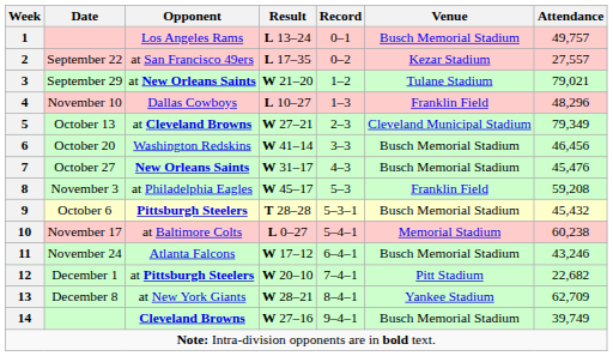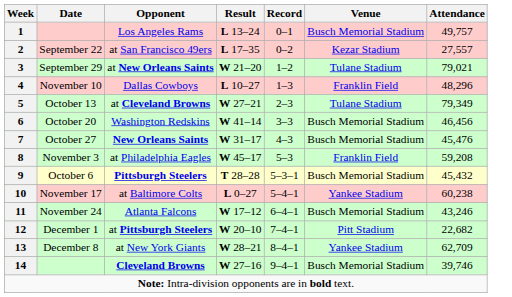 <table class="wikitable" style="text-align:center">
 <tr>
 <th>Week</th>
 <th>Date</th>
 <th>Opponent</th>
 <th>Result</th>
 <th>Record</th>
 <th>Venue</th>
 <th>Attendance</th>
 </tr>
 <tr style="background:#fcc">
 <th>1</th>
 <td></td>
 <td><a href='#'>Los Angeles Rams</a></td>
 <td><strong>L</strong> 13–24</td>
 <td>0–1</td>
 <td><a href='#'>Busch Memorial Stadium</a></td>
 <td>49,757</td>
 </tr>
 <tr style="background:#fcc">
 <th>2</th>
 <td>September 22</td>
 <td>at <a href='#'>San Francisco 49ers</a></td>
 <td><strong>L</strong> 17–35</td>
 <td>0–2</td>
 <td><a href='#'>Kezar Stadium</a></td>
 <td>27,557</td>
 </tr>
 <tr style="background:#cfc">
 <th>3</th>
 <td>September 29</td>
 <td>at <strong><a href='#'>New Orleans Saints</a></strong></td>
 <td><strong>W</strong> 21–20</td>
 <td>1–2</td>
 <td><a href='#'>Tulane Stadium</a></td>
 <td>79,021</td>
 </tr>
 <tr style="background:#fcc">
 <th>4</th>
 <td>November 10</td>
 <td><a href='#'>Dallas Cowboys</a></td>
 <td><strong>L</strong> 10–27</td>
 <td>1–3</td>
 <td><a href='#'>Franklin Field</a></td>
 <td>48,296</td>
 </tr>
 <tr style="background:#cfc">
 <th>5</th>
 <td>October 13</td>
 <td>at <strong><a href='#'>Cleveland Browns</a></strong></td>
 <td><strong>W</strong> 27–21</td>
 <td>2–3</td>
-<td><a href='#'>Cleveland Municipal Stadium</a></td>
+<td><a href='#'>Tulane Stadium</a></td>
 <td>79,349</td>
 </tr>
 <tr style="background:#cfc">
 <th>6</th>
 <td>October 20</td>
 <td><a href='#'>Washington Redskins</a></td>
 <td><strong>W</strong> 41–14</td>
 <td>3–3</td>
 <td>Busch Memorial Stadium</td>
 <td>46,456</td>
 </tr>
 <tr style="background:#cfc">
 <th>7</th>
 <td>October 27</td>
 <td><strong><a href='#'>New Orleans Saints</a></strong></td>
 <td><strong>W</strong> 31–17</td>
 <td>4–3</td>
 <td>Busch Memorial Stadium</td>
 <td>45,476</td>
 </tr>
 <tr style="background:#cfc">
 <th>8</th>
 <td>November 3</td>
 <td>at <a href='#'>Philadelphia Eagles</a></td>
 <td><strong>W</strong> 45–17</td>
 <td>5–3</td>
 <td><a href='#'>Franklin Field</a></td>
 <td>59,208</td>
 </tr>
 <tr style="background:#ffc">
 <th>9</th>
 <td>October 6</td>
 <td><strong><a href='#'>Pittsburgh Steelers</a></strong></td>
 <td><strong>T</strong> 28–28</td>
 <td>5–3–1</td>
 <td>Busch Memorial Stadium</td>
 <td>45,432</td>
 </tr>
 <tr style="background:#fcc">
 <th>10</th>
 <td>November 17</td>
 <td>at <a href='#'>Baltimore Colts</a></td>
 <td><strong>L</strong> 0–27</td>
 <td>5–4–1</td>
-<td><a href='#'>Memorial Stadium</a></td>
+<td><a href='#'>Yankee Stadium</a></td>
 <td>60,238</td>
 </tr>
 <tr style="background:#cfc">
 <th>11</th>
 <td>November 24</td>
 <td><a href='#'>Atlanta Falcons</a></td>
 <td><strong>W</strong> 17–12</td>
 <td>6–4–1</td>
 <td>Busch Memorial Stadium</td>
 <td>43,246</td>
 </tr>
 <tr style="background:#cfc">
 <th>12</th>
 <td>December 1</td>
 <td>at <strong><a href='#'>Pittsburgh Steelers</a></strong></td>
 <td><strong>W</strong> 20–10</td>
 <td>7–4–1</td>
 <td><a href='#'>Pitt Stadium</a></td>
 <td>22,682</td>
 </tr>
 <tr style="background:#cfc">
 <th>13</th>
 <td>December 8</td>
 <td>at <a href='#'>New York Giants</a></td>
 <td><strong>W</strong> 28–21</td>
 <td>8–4–1</td>
 <td><a href='#'>Yankee Stadium</a></td>
 <td>62,709</td>
 </tr>
 <tr style="background:#cfc">
 <th>14</th>
 <td></td>
 <td><strong><a href='#'>Cleveland Browns</a></strong></td>
 <td><strong>W</strong> 27–16</td>
 <td>9–4–1</td>
 <td>Busch Memorial Stadium</td>
-<td>39,749</td>
+<td>39,746</td>
 </tr>
 <tr>
 <td colspan="8"><strong>Note:</strong> Intra-division opponents are in <strong>bold</strong> text.</td>
 </tr>
 </table>
